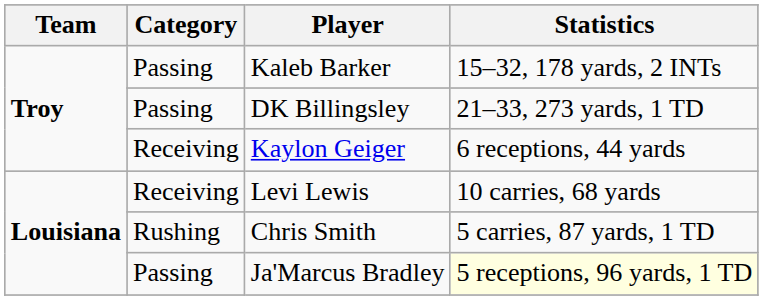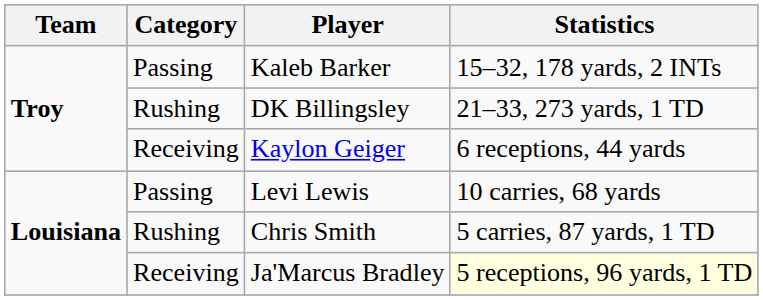 <table class="wikitable" style="float: left;">
 <tr>
 <th>Team</th>
 <th>Category</th>
 <th>Player</th>
 <th>Statistics</th>
 </tr>
 <tr>
 <td rowspan=3><strong>Troy</strong></td>
 <td>Passing</td>
 <td>Kaleb Barker</td>
 <td>15–32, 178 yards, 2 INTs</td>
 </tr>
 <tr>
-<td>Passing</td>
+<td>Rushing</td>
 <td>DK Billingsley</td>
 <td>21–33, 273 yards, 1 TD</td>
 </tr>
 <tr>
 <td>Receiving</td>
 <td><a href='#'>Kaylon Geiger</a></td>
 <td>6 receptions, 44 yards</td>
 </tr>
 <tr>
 <td rowspan=3><strong>Louisiana</strong></td>
-<td>Receiving</td>
+<td>Passing</td>
 <td>Levi Lewis</td>
 <td>10 carries, 68 yards</td>
 </tr>
 <tr>
 <td>Rushing</td>
 <td>Chris Smith</td>
 <td>5 carries, 87 yards, 1 TD</td>
 </tr>
 <tr>
-<td>Passing</td>
+<td>Receiving</td>
 <td>Ja'Marcus Bradley</td>
 <td style="background: lightyellow;">5 receptions, 96 yards, 1 TD</td>
 </tr>
 </table>
